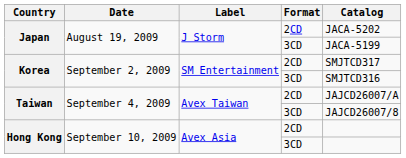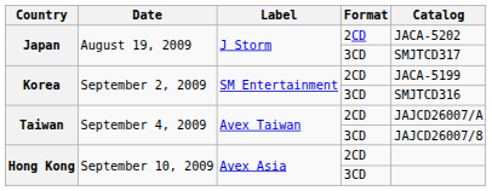 <table class="wikitable plainrowheaders">
 <tr>
 <th>Country</th>
 <th>Date</th>
 <th>Label</th>
 <th>Format</th>
 <th>Catalog</th>
 </tr>
 <tr>
 <th scope="row" rowspan="2">Japan</th>
 <td rowspan="2">August 19, 2009</td>
 <td rowspan="2"><a href='#'>J Storm</a></td>
 <td>2<a href='#'>CD</a></td>
 <td>JACA-5202</td>
 </tr>
 <tr>
 <td>3CD</td>
-<td>JACA-5199</td>
+<td>SMJTCD317</td>
 </tr>
 <tr>
 <th scope="row" rowspan="2">Korea</th>
 <td rowspan="2">September 2, 2009</td>
 <td rowspan="2"><a href='#'>SM Entertainment</a></td>
 <td>2CD</td>
-<td>SMJTCD317</td>
+<td>JACA-5199</td>
 </tr>
 <tr>
 <td>3CD</td>
 <td>SMJTCD316</td>
 </tr>
 <tr>
 <th scope="row" rowspan="2">Taiwan</th>
 <td rowspan="2">September 4, 2009</td>
 <td rowspan="2"><a href='#'>Avex Taiwan</a></td>
 <td>2CD</td>
 <td>JAJCD26007/A</td>
 </tr>
 <tr>
 <td>3CD</td>
 <td>JAJCD26007/8</td>
 </tr>
 <tr>
 <th scope="row" rowspan="2">Hong Kong</th>
 <td rowspan="2">September 10, 2009</td>
 <td rowspan="2"><a href='#'>Avex Asia</a></td>
 <td>2CD</td>
 <td></td>
 </tr>
 <tr>
 <td>3CD</td>
 <td></td>
 </tr>
 </table>
